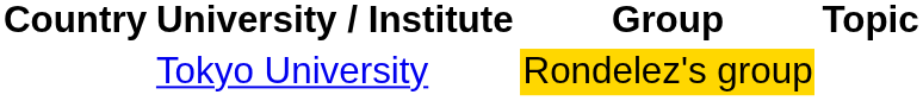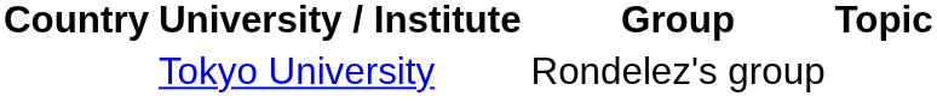 <table class="sortable">
 <tr>
 <th>Country</th>
 <th>University / Institute</th>
 <th>Group</th>
 <th>Topic</th>
 </tr>
 <tr>
 <td></td>
 <td><a href='#'>Tokyo University</a></td>
-<td style="background: gold;">Rondelez's group </td>
+<td>Rondelez's group </td>
 </tr>
 </table>
